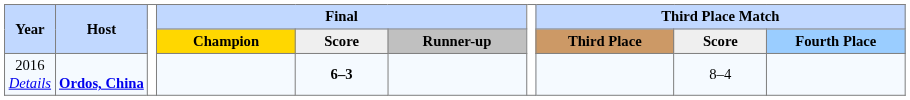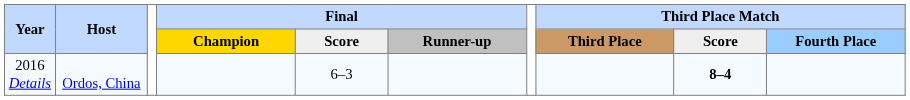 <table border=1 style="border-collapse:collapse; font-size:90%; text-align:center;" cellpadding=3 cellspacing=0 width=100%>
 <tr bgcolor=#C1D8FF>
 <th rowspan=2 width=5%>Year</th>
 <th rowspan=2 width=10%>Host</th>
 <th width=1% rowspan=3 bgcolor=ffffff></th>
 <th colspan=3>Final</th>
 <th width=1% rowspan=3 bgcolor=ffffff></th>
 <th colspan=3>Third Place Match</th>
 </tr>
 <tr bgcolor=#EFEFEF>
 <th width=15% style="background:gold;">Champion</th>
 <th width=10%>Score</th>
 <th width=15% style="background:silver;">Runner-up</th>
 <th width=15% style="background:#cc9966;">Third Place</th>
 <th width=10%>Score</th>
 <th width=15% style="background:#9acdff;">Fourth Place</th>
 </tr>
 <tr bgcolor=#F5FAFF>
 <td>2016<br><em><a href='#'>Details</a></em></td>
-<td><strong><br><a href='#'>Ordos, China</a></strong></td>
+<td><br><a href='#'>Ordos, China</a></td>
 <td><strong></strong></td>
-<td><strong>6–3</strong></td>
+<td>6–3</td>
 <td></td>
 <td></td>
-<td>8–4</td>
+<td><strong>8–4</strong></td>
 <td></td>
 </tr>
 </table>
